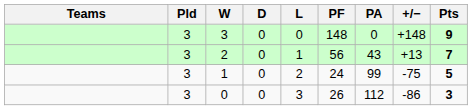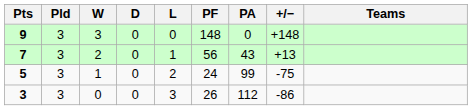 <table class="wikitable" style="text-align: center;">
 <tr>
-<th width="200">Teams</th>
+<th width="40">Pts</th>
 <th width="40">Pld</th>
 <th width="40">W</th>
 <th width="40">D</th>
 <th width="40">L</th>
 <th width="40">PF</th>
 <th width="40">PA</th>
 <th width="40">+/−</th>
-<th width="40">Pts</th>
+<th width="200">Teams</th>
 </tr>
 <tr bgcolor=#ccffcc>
-<td align=left></td>
+<td><strong>9</strong></td>
 <td>3</td>
 <td>3</td>
 <td>0</td>
 <td>0</td>
 <td>148</td>
 <td>0</td>
 <td>+148</td>
-<td><strong>9</strong></td>
+<td align=left></td>
 </tr>
 <tr bgcolor=#ccffcc>
-<td align=left></td>
+<td><strong>7</strong></td>
 <td>3</td>
 <td>2</td>
 <td>0</td>
 <td>1</td>
 <td>56</td>
 <td>43</td>
 <td>+13</td>
-<td><strong>7</strong></td>
+<td align=left></td>
 </tr>
 <tr>
-<td align=left></td>
+<td><strong>5</strong></td>
 <td>3</td>
 <td>1</td>
 <td>0</td>
 <td>2</td>
 <td>24</td>
 <td>99</td>
 <td>-75</td>
-<td><strong>5</strong></td>
+<td align=left></td>
 </tr>
 <tr>
-<td align=left></td>
+<td><strong>3</strong></td>
 <td>3</td>
 <td>0</td>
 <td>0</td>
 <td>3</td>
 <td>26</td>
 <td>112</td>
 <td>-86</td>
-<td><strong>3</strong></td>
+<td align=left></td>
 </tr>
 </table>
